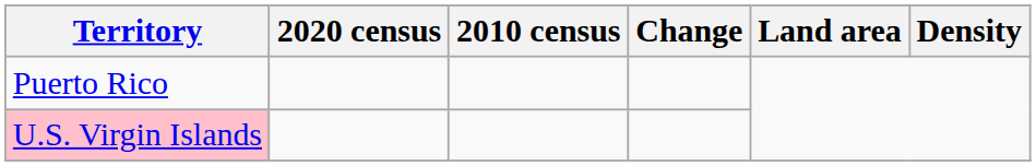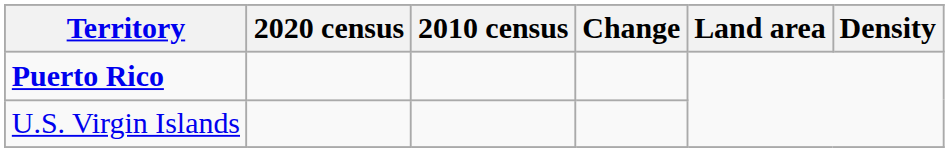 <table class="wikitable sortable">
 <tr>
 <th><a href='#'>Territory</a></th>
 <th>2020 census</th>
 <th>2010 census</th>
 <th>Change</th>
 <th>Land area</th>
 <th>Density</th>
 </tr>
 <tr>
-<td><a href='#'>Puerto Rico</a></td>
+<td><strong><a href='#'>Puerto Rico</a></strong></td>
 <td></td>
 <td></td>
 <td></td>
 </tr>
 <tr>
-<td style="background: pink;"><a href='#'>U.S. Virgin Islands</a></td>
+<td><a href='#'>U.S. Virgin Islands</a></td>
 <td></td>
 <td></td>
 <td></td>
 </tr>
 </table>
